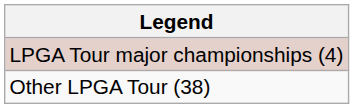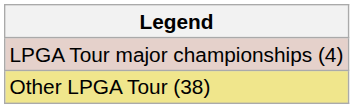 <table class="wikitable" style="font-size:95%;">
 <tr>
 <th>Legend</th>
 </tr>
 <tr style="background:#e5d1cb;">
 <td>LPGA Tour major championships (4)</td>
 </tr>
 <tr>
-<td>Other LPGA Tour (38)</td>
+<td style="background: khaki;">Other LPGA Tour (38)</td>
 </tr>
 </table>
